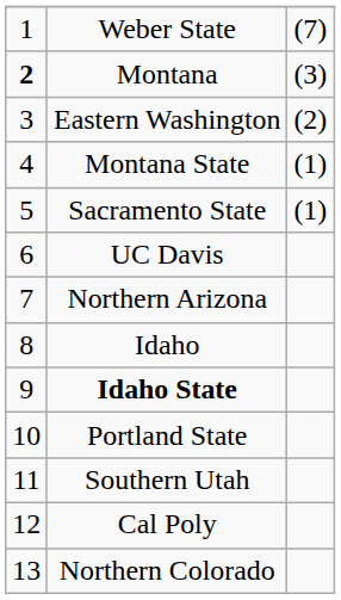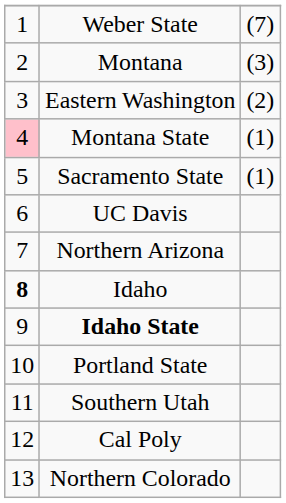 <table class="wikitable" style="display: inline-table;">
 <tr align="center">
 </tr>
 <tr align="center">
 <td>1</td>
 <td>Weber State</td>
 <td>(7)</td>
 </tr>
 <tr align="center">
-<td><strong>2</strong></td>
+<td>2</td>
 <td>Montana</td>
 <td>(3)</td>
 </tr>
 <tr align="center">
 <td>3</td>
 <td>Eastern Washington</td>
 <td>(2)</td>
 </tr>
 <tr align="center">
-<td>4</td>
+<td style="background: pink;">4</td>
 <td>Montana State</td>
 <td>(1)</td>
 </tr>
 <tr align="center">
 <td>5</td>
 <td>Sacramento State</td>
 <td>(1)</td>
 </tr>
 <tr align="center">
 <td>6</td>
 <td>UC Davis</td>
 <td></td>
 </tr>
 <tr align="center">
 <td>7</td>
 <td>Northern Arizona</td>
 <td></td>
 </tr>
 <tr align="center">
-<td>8</td>
+<td><strong>8</strong></td>
 <td>Idaho</td>
 <td></td>
 </tr>
 <tr align="center">
 <td>9</td>
 <td><strong>Idaho State</strong></td>
 <td></td>
 </tr>
 <tr align="center">
 <td>10</td>
 <td>Portland State</td>
 <td></td>
 </tr>
 <tr align="center">
 <td>11</td>
 <td>Southern Utah</td>
 <td></td>
 </tr>
 <tr align="center">
 <td>12</td>
 <td>Cal Poly</td>
 <td></td>
 </tr>
 <tr align="center">
 <td>13</td>
 <td>Northern Colorado</td>
 <td></td>
 </tr>
 </table>
